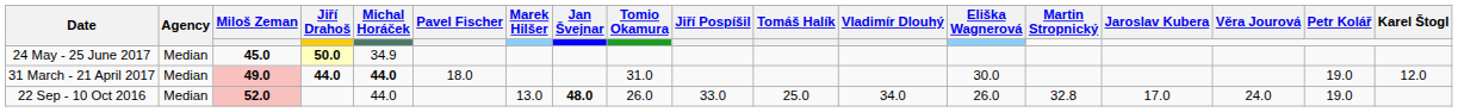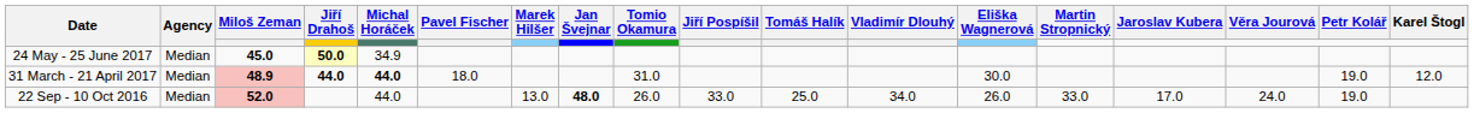 <table class="wikitable collapsible collapsed" style=text-align:center;font-size:85%;line-height:14px;">
 <tr>
 <th rowspan="2">Date</th>
 <th rowspan="2">Agency</th>
 <th><a href='#'>Miloš Zeman</a></th>
 <th><a href='#'>Jiří Drahoš</a></th>
 <th><a href='#'>Michal Horáček</a></th>
 <th><a href='#'>Pavel Fischer</a></th>
 <th><a href='#'>Marek Hilšer</a></th>
 <th><a href='#'>Jan Švejnar</a></th>
 <th><a href='#'>Tomio Okamura</a></th>
 <th><a href='#'>Jiří Pospíšil</a></th>
 <th><a href='#'>Tomáš Halík</a></th>
 <th><a href='#'>Vladimír Dlouhý</a></th>
 <th><a href='#'>Eliška Wagnerová</a></th>
 <th><a href='#'>Martin Stropnický</a></th>
 <th><a href='#'>Jaroslav Kubera</a></th>
 <th><a href='#'>Věra Jourová</a></th>
 <th><a href='#'>Petr Kolář</a></th>
 <th>Karel Štogl</th>
 </tr>
 <tr>
 <th style="background:"></th>
 <th style="background:#FFCB03; width:40px;"></th>
 <th style="background:#49796B; width:40px;"></th>
 <th style="background:"></th>
 <th style="background:#87CEFA; width:40px;"></th>
 <th style="background:#0000FF; width:40px;"></th>
 <th style="background:#179E1E; width:40px;"></th>
 <th style="background:"></th>
 <th style="background:"></th>
 <th style="background:"></th>
 <th style="background:#87CEFA; width:40px;"></th>
 <th style="background:#0000; width:40px;"></th>
 </tr>
 <tr>
 <td>24 May - 25 June 2017</td>
 <td>Median</td>
 <td><strong>45.0</strong></td>
 <td style="background:#FFFFBF"><strong>50.0</strong></td>
 <td>34.9</td>
 <td></td>
 <td></td>
 <td></td>
 <td></td>
 <td></td>
 <td></td>
 <td></td>
 <td></td>
 <td></td>
 <td></td>
 <td></td>
 <td></td>
 <td></td>
 </tr>
 <tr>
 <td>31 March - 21 April 2017</td>
 <td>Median</td>
-<td style="background:#F8C1BE"><strong>49.0</strong></td>
+<td style="background:#F8C1BE"><strong>48.9</strong></td>
 <td><strong>44.0</strong></td>
 <td><strong>44.0</strong></td>
 <td>18.0</td>
 <td></td>
 <td></td>
 <td>31.0</td>
 <td></td>
 <td></td>
 <td></td>
 <td>30.0</td>
 <td></td>
 <td></td>
 <td></td>
 <td>19.0</td>
 <td>12.0</td>
 </tr>
 <tr>
 <td>22 Sep - 10 Oct 2016</td>
 <td>Median</td>
 <td style="background:#F8C1BE"><strong>52.0</strong></td>
 <td></td>
 <td>44.0</td>
 <td></td>
 <td>13.0</td>
 <td><strong>48.0</strong></td>
 <td>26.0</td>
 <td>33.0</td>
 <td>25.0</td>
 <td>34.0</td>
 <td>26.0</td>
-<td>32.8</td>
+<td>33.0</td>
 <td>17.0</td>
 <td>24.0</td>
 <td>19.0</td>
 <td></td>
 </tr>
 </table>
